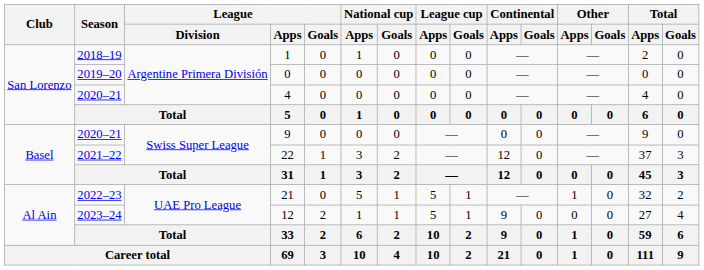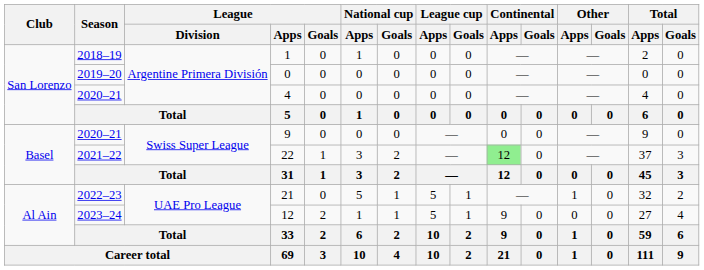 <table class="wikitable" style="text-align:center">
 <tr>
 <th rowspan="2">Club</th>
 <th rowspan="2">Season</th>
 <th colspan="3">League</th>
 <th colspan="2">National cup</th>
 <th colspan="2">League cup</th>
 <th colspan="2">Continental</th>
 <th colspan="2">Other</th>
 <th colspan="2">Total</th>
 </tr>
 <tr>
 <th>Division</th>
 <th>Apps</th>
 <th>Goals</th>
 <th>Apps</th>
 <th>Goals</th>
 <th>Apps</th>
 <th>Goals</th>
 <th>Apps</th>
 <th>Goals</th>
 <th>Apps</th>
 <th>Goals</th>
 <th>Apps</th>
 <th>Goals</th>
 </tr>
 <tr>
 <td rowspan="4"><a href='#'>San Lorenzo</a></td>
 <td><a href='#'>2018–19</a></td>
 <td rowspan="3"><a href='#'>Argentine Primera División</a></td>
 <td>1</td>
 <td>0</td>
 <td>1</td>
 <td>0</td>
 <td>0</td>
 <td>0</td>
 <td colspan="2">—</td>
 <td colspan="2">—</td>
 <td>2</td>
 <td>0</td>
 </tr>
 <tr>
 <td><a href='#'>2019–20</a></td>
 <td>0</td>
 <td>0</td>
 <td>0</td>
 <td>0</td>
 <td>0</td>
 <td>0</td>
 <td colspan="2">—</td>
 <td colspan="2">—</td>
 <td>0</td>
 <td>0</td>
 </tr>
 <tr>
 <td><a href='#'>2020–21</a></td>
 <td>4</td>
 <td>0</td>
 <td>0</td>
 <td>0</td>
 <td>0</td>
 <td>0</td>
 <td colspan="2">—</td>
 <td colspan="2">—</td>
 <td>4</td>
 <td>0</td>
 </tr>
 <tr>
 <th colspan="2">Total</th>
 <th>5</th>
 <th>0</th>
 <th>1</th>
 <th>0</th>
 <th>0</th>
 <th>0</th>
 <th>0</th>
 <th>0</th>
 <th>0</th>
 <th>0</th>
 <th>6</th>
 <th>0</th>
 </tr>
 <tr>
 <td rowspan="3"><a href='#'>Basel</a></td>
 <td><a href='#'>2020–21</a></td>
 <td rowspan="2"><a href='#'>Swiss Super League</a></td>
 <td>9</td>
 <td>0</td>
 <td>0</td>
 <td>0</td>
 <td colspan="2">—</td>
 <td>0</td>
 <td>0</td>
 <td colspan="2">—</td>
 <td>9</td>
 <td>0</td>
 </tr>
 <tr>
 <td><a href='#'>2021–22</a></td>
 <td>22</td>
 <td>1</td>
 <td>3</td>
 <td>2</td>
 <td colspan="2">—</td>
-<td>12</td>
+<td style="background: lightgreen;">12</td>
 <td>0</td>
 <td colspan="2">—</td>
 <td>37</td>
 <td>3</td>
 </tr>
 <tr>
 <th colspan="2">Total</th>
 <th>31</th>
 <th>1</th>
 <th>3</th>
 <th>2</th>
 <th colspan="2">—</th>
 <th>12</th>
 <th>0</th>
 <th>0</th>
 <th>0</th>
 <th>45</th>
 <th>3</th>
 </tr>
 <tr>
 <td rowspan="3"><a href='#'>Al Ain</a></td>
 <td><a href='#'>2022–23</a></td>
 <td rowspan="2"><a href='#'>UAE Pro League</a></td>
 <td>21</td>
 <td>0</td>
 <td>5</td>
 <td>1</td>
 <td>5</td>
 <td>1</td>
 <td colspan="2">—</td>
 <td>1</td>
 <td>0</td>
 <td>32</td>
 <td>2</td>
 </tr>
 <tr>
 <td><a href='#'>2023–24</a></td>
 <td>12</td>
 <td>2</td>
 <td>1</td>
 <td>1</td>
 <td>5</td>
 <td>1</td>
 <td>9</td>
 <td>0</td>
 <td>0</td>
 <td>0</td>
 <td>27</td>
 <td>4</td>
 </tr>
 <tr>
 <th colspan="2">Total</th>
 <th>33</th>
 <th>2</th>
 <th>6</th>
 <th>2</th>
 <th>10</th>
 <th>2</th>
 <th>9</th>
 <th>0</th>
 <th>1</th>
 <th>0</th>
 <th>59</th>
 <th>6</th>
 </tr>
 <tr>
 <th colspan="3">Career total</th>
 <th>69</th>
 <th>3</th>
 <th>10</th>
 <th>4</th>
 <th>10</th>
 <th>2</th>
 <th>21</th>
 <th>0</th>
 <th>1</th>
 <th>0</th>
 <th>111</th>
 <th>9</th>
 </tr>
 </table>
